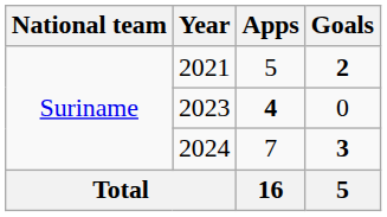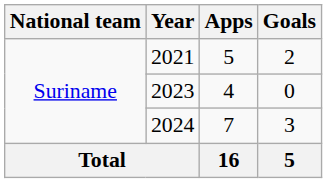 <table class=wikitable style=text-align:center>
 <tr>
 <th>National team</th>
 <th>Year</th>
 <th>Apps</th>
 <th>Goals</th>
 </tr>
 <tr>
 <td rowspan=3><a href='#'>Suriname</a></td>
 <td>2021</td>
 <td>5</td>
-<td><strong>2</strong></td>
+<td>2</td>
 </tr>
 <tr>
 <td>2023</td>
-<td><strong>4</strong></td>
+<td>4</td>
 <td>0</td>
 </tr>
 <tr>
 <td>2024</td>
 <td>7</td>
-<td><strong>3</strong></td>
+<td>3</td>
 </tr>
 <tr>
 <th colspan=2>Total</th>
 <th>16</th>
 <th>5</th>
 </tr>
 </table>
